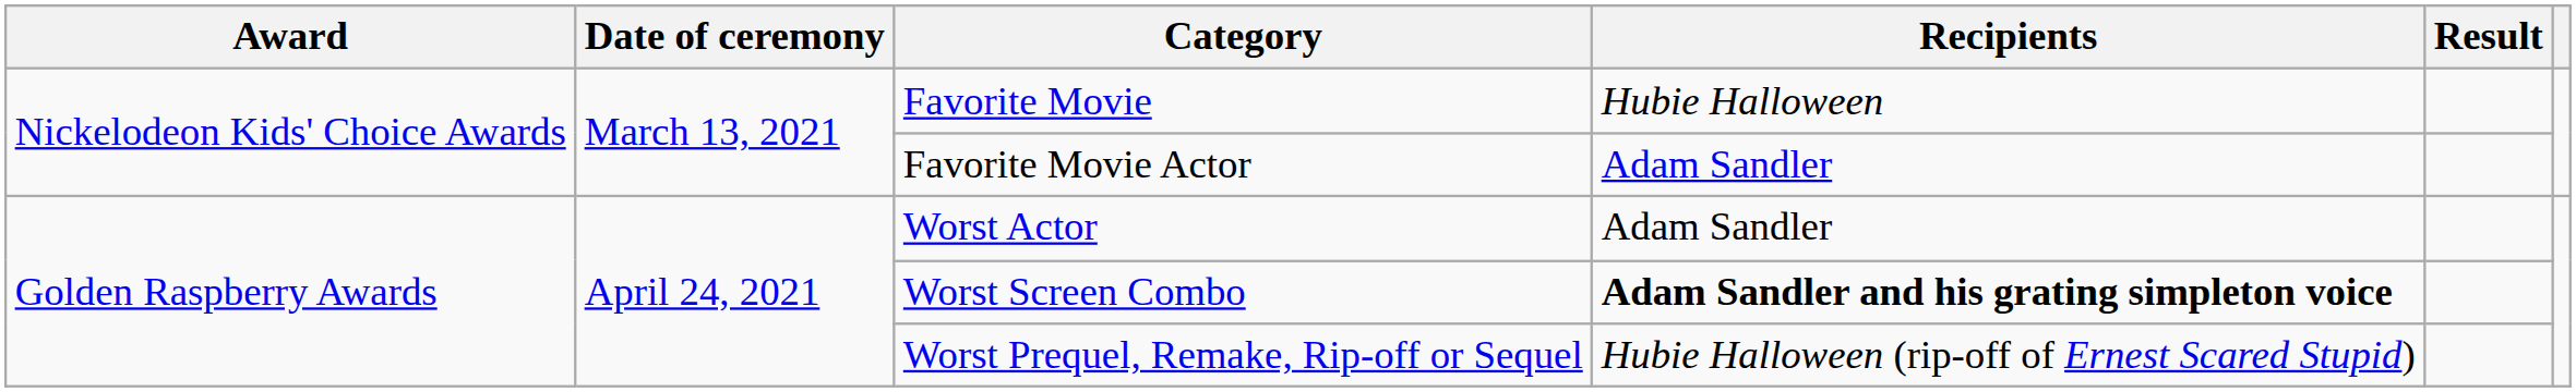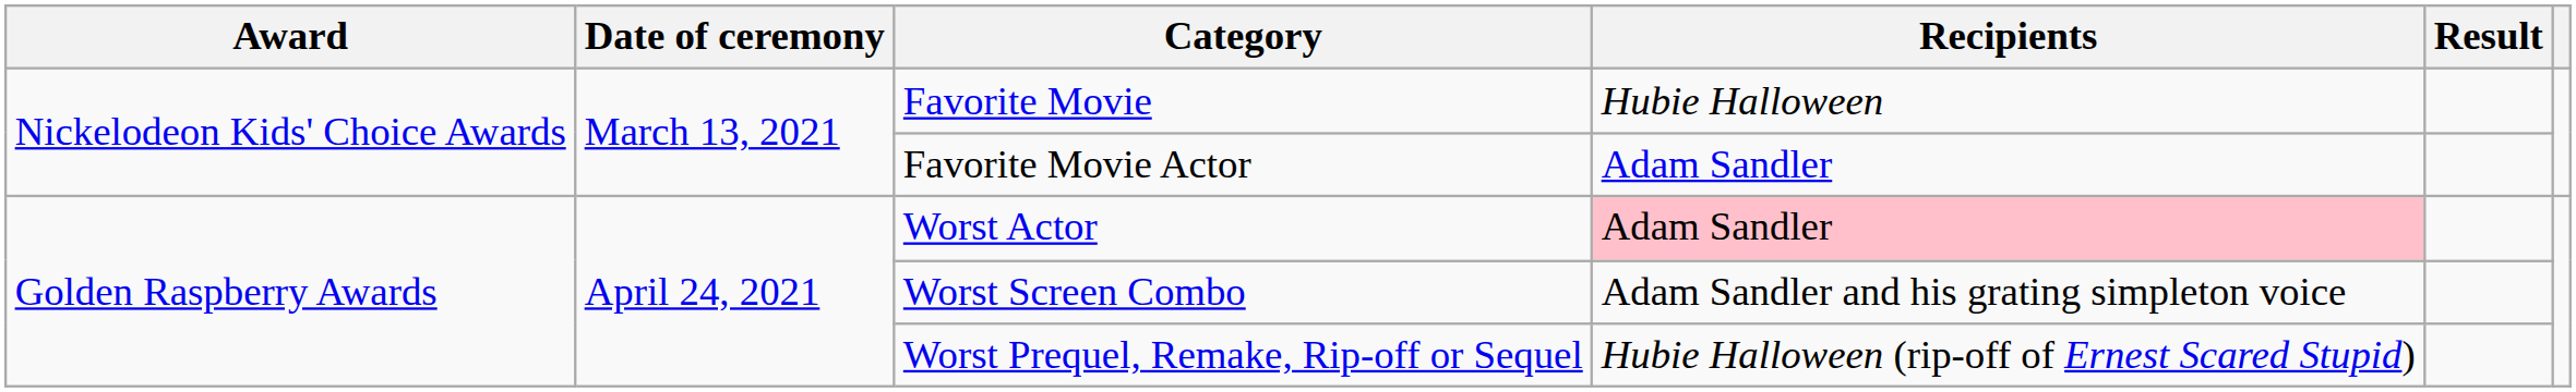 <table class="wikitable sortable">
 <tr>
 <th>Award</th>
 <th>Date of ceremony</th>
 <th>Category</th>
 <th>Recipients</th>
 <th>Result</th>
 <th class="unsortable"></th>
 </tr>
 <tr>
 <td rowspan="2"><a href='#'>Nickelodeon Kids' Choice Awards</a></td>
 <td rowspan="2"><a href='#'>March 13, 2021</a></td>
 <td><a href='#'>Favorite Movie</a></td>
 <td><em>Hubie Halloween</em></td>
 <td></td>
 <td rowspan="2" style="text-align:center;"></td>
 </tr>
 <tr>
 <td>Favorite Movie Actor</td>
 <td><a href='#'>Adam Sandler</a></td>
 <td></td>
 </tr>
 <tr>
 <td rowspan="3"><a href='#'>Golden Raspberry Awards</a></td>
 <td rowspan="3"><a href='#'>April 24, 2021</a></td>
 <td><a href='#'>Worst Actor</a></td>
-<td>Adam Sandler</td>
+<td style="background: pink;">Adam Sandler</td>
 <td></td>
 <td rowspan="3" style="text-align:center;"></td>
 </tr>
 <tr>
 <td><a href='#'>Worst Screen Combo</a></td>
-<td><strong>Adam Sandler and his grating simpleton voice</strong></td>
+<td>Adam Sandler and his grating simpleton voice</td>
 <td></td>
 </tr>
 <tr>
 <td><a href='#'>Worst Prequel, Remake, Rip-off or Sequel</a></td>
 <td><em>Hubie Halloween</em> (rip-off of <em><a href='#'>Ernest Scared Stupid</a></em>)</td>
 <td></td>
 </tr>
 </table>
